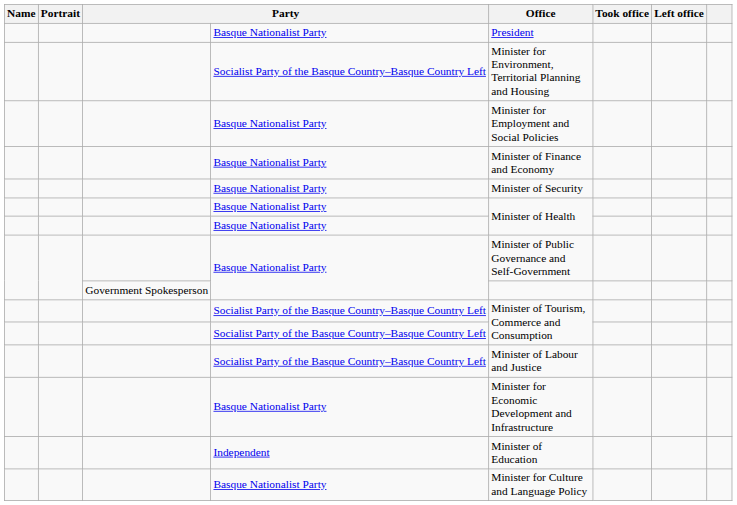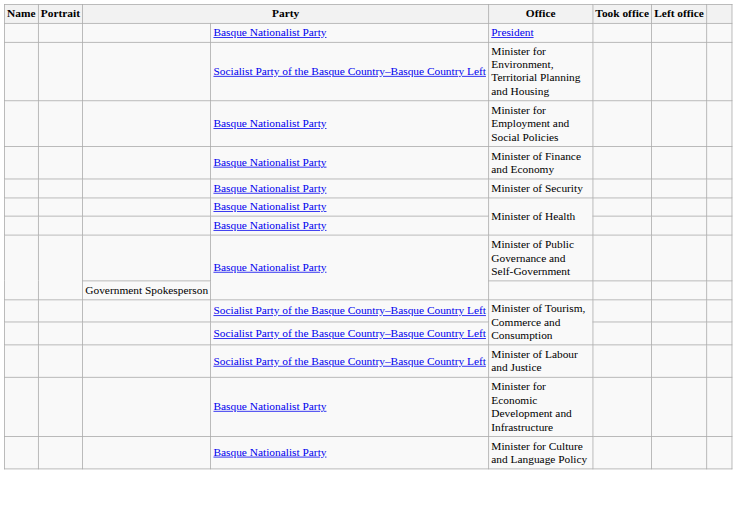 <table class="wikitable plainrowheaders sortable" style="font-size:90%; text-align:left;">
 <tr>
 <th scope=col>Name</th>
 <th scope=col class=unsortable>Portrait</th>
 <th scope=col colspan="2">Party</th>
 <th scope=col width=125px>Office</th>
 <th scope=col>Took office</th>
 <th scope=col>Left office</th>
 <th scope=col width=25px class=unsortable></th>
 </tr>
 <tr>
 <td style="white-space: nowrap;"></td>
 <td align=center></td>
 <td !align="center" style="background:"></td>
 <td><a href='#'>Basque Nationalist Party</a></td>
 <td><a href='#'>President</a></td>
 <td align=center></td>
 <td align=center></td>
 <td align=center></td>
 </tr>
 <tr>
 <td style="white-space: nowrap;"></td>
 <td align=center></td>
 <td !align="center" style="background:"></td>
 <td><a href='#'>Socialist Party of the Basque Country–Basque Country Left</a></td>
 <td>Minister for Environment, Territorial Planning and Housing</td>
 <td align=center></td>
 <td align=center></td>
 <td align=center></td>
 </tr>
 <tr>
 <td style="white-space: nowrap;"></td>
 <td align=center></td>
 <td !align="center" style="background:"></td>
 <td><a href='#'>Basque Nationalist Party</a></td>
 <td>Minister for Employment and Social Policies</td>
 <td align=center></td>
 <td align=center></td>
 <td align=center></td>
 </tr>
 <tr>
 <td style="white-space: nowrap;"></td>
 <td align=center></td>
 <td !align="center" style="background:"></td>
 <td><a href='#'>Basque Nationalist Party</a></td>
 <td>Minister of Finance and Economy</td>
 <td align=center></td>
 <td align=center></td>
 <td align=center></td>
 </tr>
 <tr>
 <td style="white-space: nowrap;"></td>
 <td align=center></td>
 <td !align="center" style="background:"></td>
 <td><a href='#'>Basque Nationalist Party</a></td>
 <td>Minister of Security</td>
 <td align=center></td>
 <td align=center></td>
 <td align=center></td>
 </tr>
 <tr>
 <td style="white-space: nowrap;"></td>
 <td align=center></td>
 <td !align="center" style="background:"></td>
 <td><a href='#'>Basque Nationalist Party</a></td>
 <td rowspan="2">Minister of Health</td>
 <td align=center></td>
 <td align=center></td>
 <td align=center></td>
 </tr>
 <tr>
 <td style="white-space: nowrap;"></td>
 <td align=center></td>
 <td !align="center" style="background:"></td>
 <td><a href='#'>Basque Nationalist Party</a></td>
 <td align=center></td>
 <td align=center></td>
 <td align=center></td>
 </tr>
 <tr>
 <td style="white-space: nowrap;" rowspan=2></td>
 <td align=center rowspan=2></td>
 <td !align="center" style="background:"></td>
 <td rowspan=2><a href='#'>Basque Nationalist Party</a></td>
 <td>Minister of Public Governance and Self-Government</td>
 <td align=center></td>
 <td align=center></td>
 <td align=center></td>
 </tr>
 <tr>
 <td>Government Spokesperson</td>
 <td align=center></td>
 <td align=center></td>
 <td align=center></td>
 </tr>
 <tr>
 <td style="white-space: nowrap;"></td>
 <td align=center></td>
 <td !align="center" style="background:"></td>
 <td><a href='#'>Socialist Party of the Basque Country–Basque Country Left</a></td>
 <td rowspan="2">Minister of Tourism, Commerce and Consumption</td>
 <td align=center></td>
 <td align=center></td>
 <td align=center></td>
 </tr>
 <tr>
 <td style="white-space: nowrap;"></td>
 <td align=center></td>
 <td !align="center" style="background:"></td>
 <td><a href='#'>Socialist Party of the Basque Country–Basque Country Left</a></td>
 <td align=center></td>
 <td align=center></td>
 <td align=center></td>
 </tr>
 <tr>
 <td style="white-space: nowrap;"></td>
 <td align=center></td>
 <td !align="center" style="background:"></td>
 <td><a href='#'>Socialist Party of the Basque Country–Basque Country Left</a></td>
 <td>Minister of Labour and Justice</td>
 <td align=center></td>
 <td align=center></td>
 <td align=center></td>
 </tr>
 <tr>
 <td style="white-space: nowrap;"></td>
 <td align=center></td>
 <td !align="center" style="background:"></td>
 <td><a href='#'>Basque Nationalist Party</a></td>
 <td>Minister for Economic Development and Infrastructure</td>
 <td align=center></td>
 <td align=center></td>
 <td align=center></td>
 </tr>
 <tr>
 <td style="white-space: nowrap;"></td>
 <td align=center></td>
 <td !align="center" style="background:"></td>
-<td><a href='#'>Independent</a></td>
-<td>Minister of Education</td>
-<td align=center></td>
-<td align=center></td>
-<td align=center></td>
-</tr>
-<tr>
-<td style="white-space: nowrap;"></td>
-<td align=center></td>
-<td !align="center" style="background:"></td>
 <td><a href='#'>Basque Nationalist Party</a></td>
 <td>Minister for Culture and Language Policy</td>
 <td align=center></td>
 <td align=center></td>
 <td align=center></td>
 </tr>
 </table>
